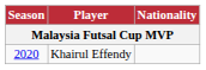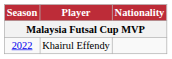 <table class="wikitable">
 <tr>
 <th style="background:#bd2c38; color:white;">Season</th>
 <th style="background:#bd2c38; color:white;">Player</th>
 <th style="background:#bd2c38; color:white;">Nationality</th>
 </tr>
 <tr>
 <th colspan="3">Malaysia Futsal Cup MVP</th>
 </tr>
 <tr>
-<td align="center"><a href='#'>2020</a></td>
+<td align="center"><a href='#'>2022</a></td>
 <td>Khairul Effendy</td>
 <td></td>
 </tr>
 </table>
